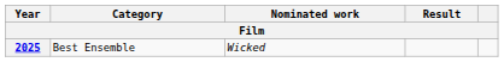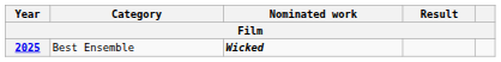 <table class="wikitable sortable">
 <tr>
 <th width="1%">Year</th>
 <th width="8%">Category</th>
 <th width="8%">Nominated work</th>
 <th width="2%">Result</th>
 <th width="1%" class="unsortable"></th>
 </tr>
 <tr>
 <th colspan="5">Film</th>
 </tr>
 <tr>
 <th style="text-align:center;"><a href='#'>2025</a></th>
 <td>Best Ensemble</td>
-<td><em>Wicked</em></td>
+<td><strong><em>Wicked</em></strong></td>
 <td></td>
 <td style="text-align:center;"></td>
 </tr>
 </table>
